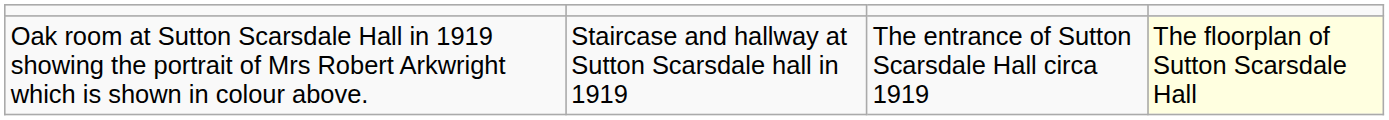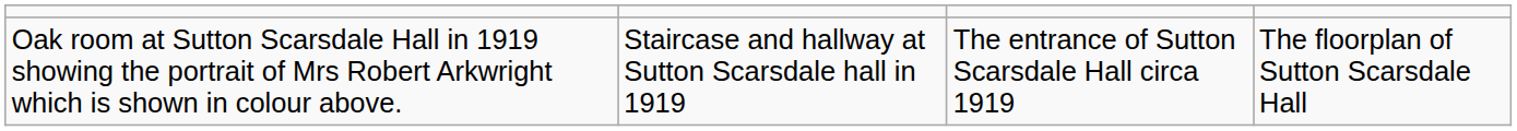 <table class="wikitable" border="1">
 <tr>
 <td></td>
 <td></td>
 <td></td>
 <td></td>
 </tr>
 <tr>
 <td>Oak room at Sutton Scarsdale Hall in 1919 showing the portrait of Mrs Robert Arkwright which is shown in colour above.</td>
 <td>Staircase and hallway at Sutton Scarsdale hall in 1919</td>
 <td>The entrance of Sutton Scarsdale Hall circa 1919</td>
-<td style="background: lightyellow;">The floorplan of Sutton Scarsdale Hall</td>
+<td>The floorplan of Sutton Scarsdale Hall</td>
 </tr>
 </table>
